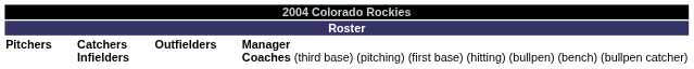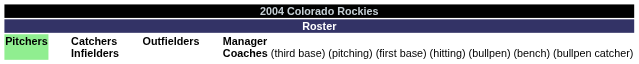 <table class="toccolours" style="font-size: 95%;">
 <tr>
 <th colspan="10" style="background-color: #000000; color: #C4CED4; text-align: center;">2004 Colorado Rockies</th>
 </tr>
 <tr>
 <td colspan="10" style="background-color: #333366; color: #FFFFFF; text-align: center;"><strong>Roster</strong></td>
 </tr>
 <tr>
-<td valign="top"><strong>Pitchers</strong><br>                        </td>
+<td valign="top" style="background: lightgreen;"><strong>Pitchers</strong><br>                        </td>
 <td width="25px"></td>
 <td valign="top"><strong>Catchers</strong><br>   <strong>Infielders</strong>        </td>
 <td width="25px"></td>
 <td valign="top"><strong>Outfielders</strong><br>          </td>
 <td width="25px"></td>
 <td valign="top"><strong>Manager</strong><br> <strong>Coaches</strong>  (third base)  (pitching)  (first base)  (hitting)  (bullpen)  (bench)  (bullpen catcher)</td>
 </tr>
 </table>
